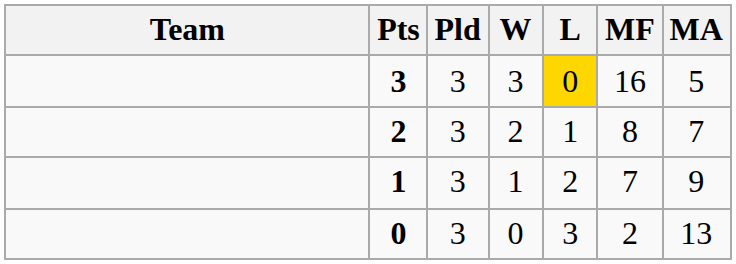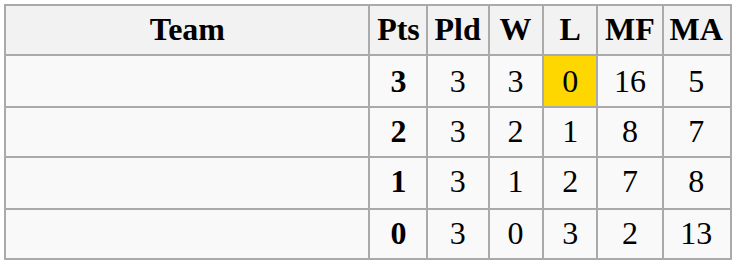 <table class=wikitable style="text-align:center">
 <tr>
 <th width=175>Team</th>
 <th width=20>Pts</th>
 <th width=20>Pld</th>
 <th width=20>W</th>
 <th width=20>L</th>
 <th width=20>MF</th>
 <th width=20>MA</th>
 </tr>
 <tr>
 <td style="text-align:left"></td>
 <td><strong>3</strong></td>
 <td>3</td>
 <td>3</td>
 <td style="background: gold;">0</td>
 <td>16</td>
 <td>5</td>
 </tr>
 <tr>
 <td style="text-align:left"></td>
 <td><strong>2</strong></td>
 <td>3</td>
 <td>2</td>
 <td>1</td>
 <td>8</td>
 <td>7</td>
 </tr>
 <tr>
 <td style="text-align:left"></td>
 <td><strong>1</strong></td>
 <td>3</td>
 <td>1</td>
 <td>2</td>
 <td>7</td>
-<td>9</td>
+<td>8</td>
 </tr>
 <tr>
 <td style="text-align:left"></td>
 <td><strong>0</strong></td>
 <td>3</td>
 <td>0</td>
 <td>3</td>
 <td>2</td>
 <td>13</td>
 </tr>
 </table>
